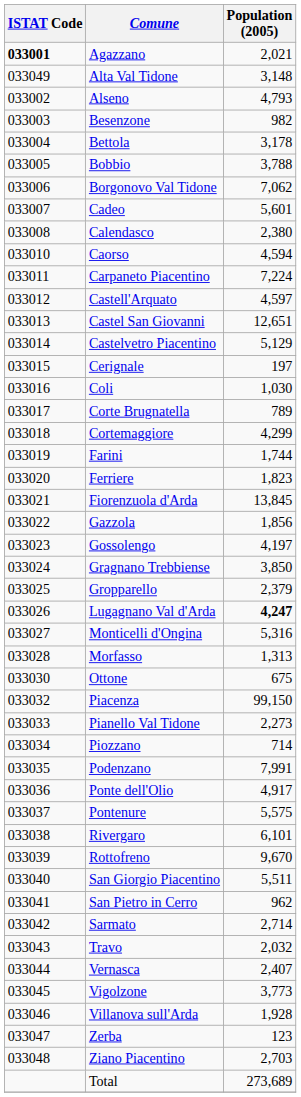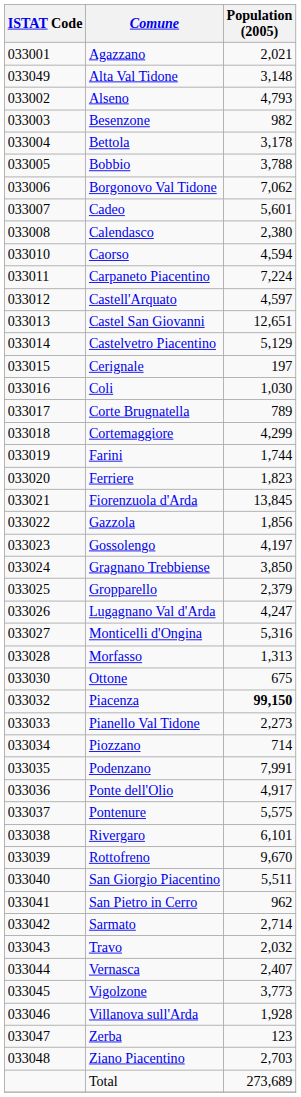 <table class="wikitable sortable">
 <tr>
 <th><a href='#'>ISTAT</a> Code</th>
 <th><em><a href='#'>Comune</a></em></th>
 <th>Population <br>(2005)</th>
 </tr>
 <tr>
-<td><strong>033001</strong></td>
+<td>033001</td>
 <td><a href='#'>Agazzano</a></td>
 <td align="right">2,021</td>
 </tr>
 <tr>
 <td>033049</td>
 <td><a href='#'>Alta Val Tidone</a></td>
 <td align="right">3,148</td>
 </tr>
 <tr>
 <td>033002</td>
 <td><a href='#'>Alseno</a></td>
 <td align="right">4,793</td>
 </tr>
 <tr>
 <td>033003</td>
 <td><a href='#'>Besenzone</a></td>
 <td align="right">982</td>
 </tr>
 <tr>
 <td>033004</td>
 <td><a href='#'>Bettola</a></td>
 <td align="right">3,178</td>
 </tr>
 <tr>
 <td>033005</td>
 <td><a href='#'>Bobbio</a></td>
 <td align="right">3,788</td>
 </tr>
 <tr>
 <td>033006</td>
 <td><a href='#'>Borgonovo Val Tidone</a></td>
 <td align="right">7,062</td>
 </tr>
 <tr>
 <td>033007</td>
 <td><a href='#'>Cadeo</a></td>
 <td align="right">5,601</td>
 </tr>
 <tr>
 <td>033008</td>
 <td><a href='#'>Calendasco</a></td>
 <td align="right">2,380</td>
 </tr>
 <tr>
 <td>033010</td>
 <td><a href='#'>Caorso</a></td>
 <td align="right">4,594</td>
 </tr>
 <tr>
 <td>033011</td>
 <td><a href='#'>Carpaneto Piacentino</a></td>
 <td align="right">7,224</td>
 </tr>
 <tr>
 <td>033012</td>
 <td><a href='#'>Castell'Arquato</a></td>
 <td align="right">4,597</td>
 </tr>
 <tr>
 <td>033013</td>
 <td><a href='#'>Castel San Giovanni</a></td>
 <td align="right">12,651</td>
 </tr>
 <tr>
 <td>033014</td>
 <td><a href='#'>Castelvetro Piacentino</a></td>
 <td align="right">5,129</td>
 </tr>
 <tr>
 <td>033015</td>
 <td><a href='#'>Cerignale</a></td>
 <td align="right">197</td>
 </tr>
 <tr>
 <td>033016</td>
 <td><a href='#'>Coli</a></td>
 <td align="right">1,030</td>
 </tr>
 <tr>
 <td>033017</td>
 <td><a href='#'>Corte Brugnatella</a></td>
 <td align="right">789</td>
 </tr>
 <tr>
 <td>033018</td>
 <td><a href='#'>Cortemaggiore</a></td>
 <td align="right">4,299</td>
 </tr>
 <tr>
 <td>033019</td>
 <td><a href='#'>Farini</a></td>
 <td align="right">1,744</td>
 </tr>
 <tr>
 <td>033020</td>
 <td><a href='#'>Ferriere</a></td>
 <td align="right">1,823</td>
 </tr>
 <tr>
 <td>033021</td>
 <td><a href='#'>Fiorenzuola d'Arda</a></td>
 <td align="right">13,845</td>
 </tr>
 <tr>
 <td>033022</td>
 <td><a href='#'>Gazzola</a></td>
 <td align="right">1,856</td>
 </tr>
 <tr>
 <td>033023</td>
 <td><a href='#'>Gossolengo</a></td>
 <td align="right">4,197</td>
 </tr>
 <tr>
 <td>033024</td>
 <td><a href='#'>Gragnano Trebbiense</a></td>
 <td align="right">3,850</td>
 </tr>
 <tr>
 <td>033025</td>
 <td><a href='#'>Gropparello</a></td>
 <td align="right">2,379</td>
 </tr>
 <tr>
 <td>033026</td>
 <td><a href='#'>Lugagnano Val d'Arda</a></td>
-<td align="right"><strong>4,247</strong></td>
+<td align="right">4,247</td>
 </tr>
 <tr>
 <td>033027</td>
 <td><a href='#'>Monticelli d'Ongina</a></td>
 <td align="right">5,316</td>
 </tr>
 <tr>
 <td>033028</td>
 <td><a href='#'>Morfasso</a></td>
 <td align="right">1,313</td>
 </tr>
 <tr>
 <td>033030</td>
 <td><a href='#'>Ottone</a></td>
 <td align="right">675</td>
 </tr>
 <tr>
 <td>033032</td>
 <td><a href='#'>Piacenza</a></td>
-<td align="right">99,150</td>
+<td align="right"><strong>99,150</strong></td>
 </tr>
 <tr>
 <td>033033</td>
 <td><a href='#'>Pianello Val Tidone</a></td>
 <td align="right">2,273</td>
 </tr>
 <tr>
 <td>033034</td>
 <td><a href='#'>Piozzano</a></td>
 <td align="right">714</td>
 </tr>
 <tr>
 <td>033035</td>
 <td><a href='#'>Podenzano</a></td>
 <td align="right">7,991</td>
 </tr>
 <tr>
 <td>033036</td>
 <td><a href='#'>Ponte dell'Olio</a></td>
 <td align="right">4,917</td>
 </tr>
 <tr>
 <td>033037</td>
 <td><a href='#'>Pontenure</a></td>
 <td align="right">5,575</td>
 </tr>
 <tr>
 <td>033038</td>
 <td><a href='#'>Rivergaro</a></td>
 <td align="right">6,101</td>
 </tr>
 <tr>
 <td>033039</td>
 <td><a href='#'>Rottofreno</a></td>
 <td align="right">9,670</td>
 </tr>
 <tr>
 <td>033040</td>
 <td><a href='#'>San Giorgio Piacentino</a></td>
 <td align="right">5,511</td>
 </tr>
 <tr>
 <td>033041</td>
 <td><a href='#'>San Pietro in Cerro</a></td>
 <td align="right">962</td>
 </tr>
 <tr>
 <td>033042</td>
 <td><a href='#'>Sarmato</a></td>
 <td align="right">2,714</td>
 </tr>
 <tr>
 <td>033043</td>
 <td><a href='#'>Travo</a></td>
 <td align="right">2,032</td>
 </tr>
 <tr>
 <td>033044</td>
 <td><a href='#'>Vernasca</a></td>
 <td align="right">2,407</td>
 </tr>
 <tr>
 <td>033045</td>
 <td><a href='#'>Vigolzone</a></td>
 <td align="right">3,773</td>
 </tr>
 <tr>
 <td>033046</td>
 <td><a href='#'>Villanova sull'Arda</a></td>
 <td align="right">1,928</td>
 </tr>
 <tr>
 <td>033047</td>
 <td><a href='#'>Zerba</a></td>
 <td align="right">123</td>
 </tr>
 <tr>
 <td>033048</td>
 <td><a href='#'>Ziano Piacentino</a></td>
 <td align="right">2,703</td>
 </tr>
 <tr>
 <td></td>
 <td>Total</td>
 <td align="right">273,689</td>
 </tr>
 <tr>
 </tr>
 </table>
